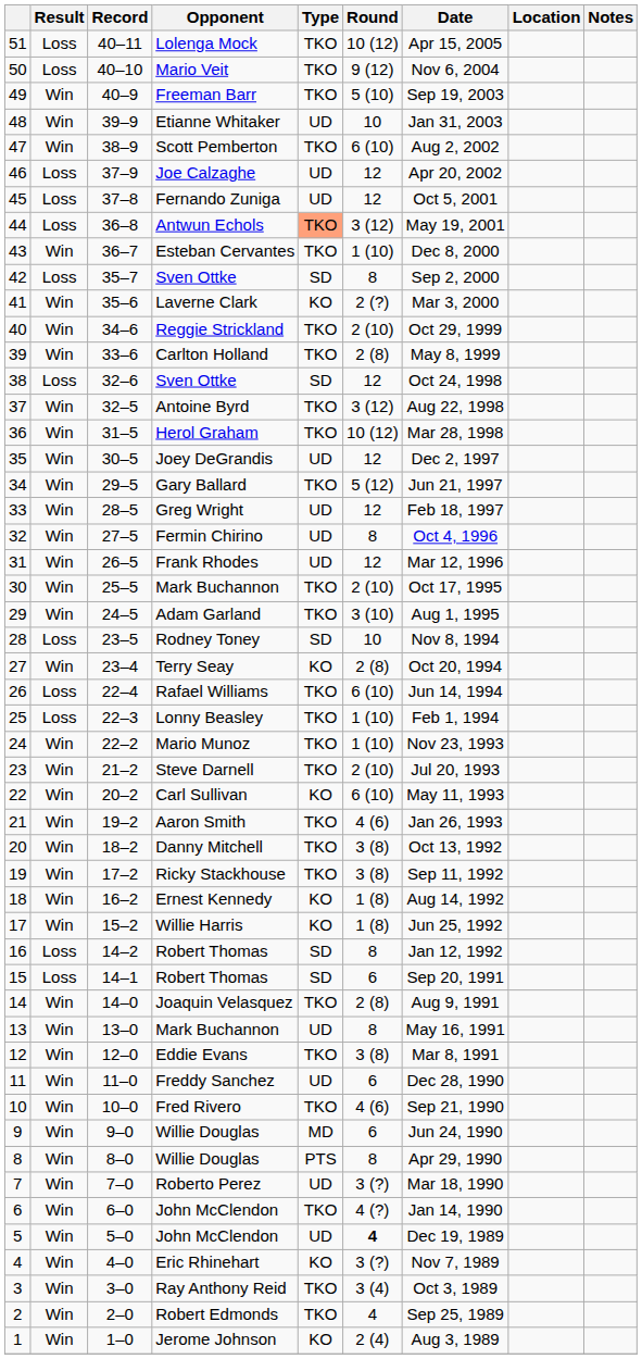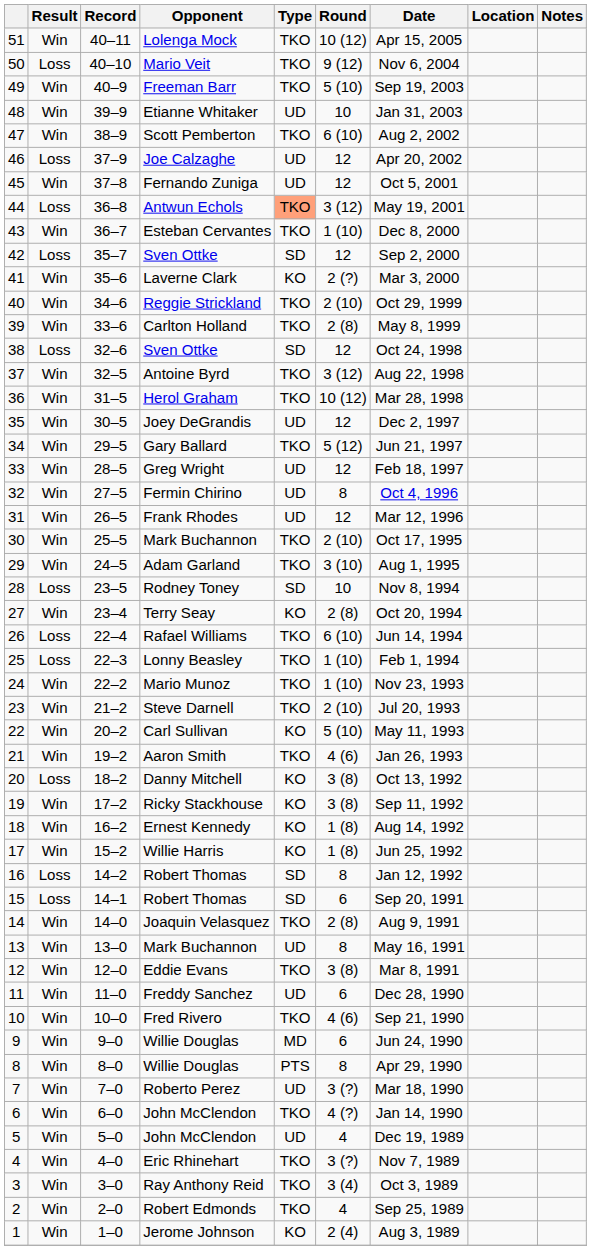 <table class="wikitable" style="text-align:center">
 <tr>
 <th></th>
 <th>Result</th>
 <th>Record</th>
 <th>Opponent</th>
 <th>Type</th>
 <th>Round</th>
 <th>Date</th>
 <th>Location</th>
 <th>Notes</th>
 </tr>
 <tr>
 <td>51</td>
-<td>Loss</td>
+<td>Win</td>
 <td>40–11</td>
 <td align=left><a href='#'>Lolenga Mock</a></td>
 <td>TKO</td>
 <td>10 (12)</td>
 <td>Apr 15, 2005</td>
 <td style="text-align:left;"></td>
 <td style="text-align:left;"></td>
 </tr>
 <tr>
 <td>50</td>
 <td>Loss</td>
 <td>40–10</td>
 <td align=left><a href='#'>Mario Veit</a></td>
 <td>TKO</td>
 <td>9 (12)</td>
 <td>Nov 6, 2004</td>
 <td style="text-align:left;"></td>
 <td style="text-align:left;"></td>
 </tr>
 <tr>
 <td>49</td>
 <td>Win</td>
 <td>40–9</td>
 <td align=left><a href='#'>Freeman Barr</a></td>
 <td>TKO</td>
 <td>5 (10)</td>
 <td>Sep 19, 2003</td>
 <td style="text-align:left;"></td>
 <td></td>
 </tr>
 <tr>
 <td>48</td>
 <td>Win</td>
 <td>39–9</td>
 <td align=left>Etianne Whitaker</td>
 <td>UD</td>
 <td>10</td>
 <td>Jan 31, 2003</td>
 <td style="text-align:left;"></td>
 <td></td>
 </tr>
 <tr>
 <td>47</td>
 <td>Win</td>
 <td>38–9</td>
 <td align=left>Scott Pemberton</td>
 <td>TKO</td>
 <td>6 (10)</td>
 <td>Aug 2, 2002</td>
 <td style="text-align:left;"></td>
 <td></td>
 </tr>
 <tr>
 <td>46</td>
 <td>Loss</td>
 <td>37–9</td>
 <td align=left><a href='#'>Joe Calzaghe</a></td>
 <td>UD</td>
 <td>12</td>
 <td>Apr 20, 2002</td>
 <td style="text-align:left;"></td>
 <td style="text-align:left;"></td>
 </tr>
 <tr>
 <td>45</td>
-<td>Loss</td>
+<td>Win</td>
 <td>37–8</td>
 <td align=left>Fernando Zuniga</td>
 <td>UD</td>
 <td>12</td>
 <td>Oct 5, 2001</td>
 <td style="text-align:left;"></td>
 <td style="text-align:left;"></td>
 </tr>
 <tr>
 <td>44</td>
 <td>Loss</td>
 <td>36–8</td>
 <td align=left><a href='#'>Antwun Echols</a></td>
 <td style="background: lightsalmon;">TKO</td>
 <td>3 (12)</td>
 <td>May 19, 2001</td>
 <td style="text-align:left;"></td>
 <td style="text-align:left;"></td>
 </tr>
 <tr>
 <td>43</td>
 <td>Win</td>
 <td>36–7</td>
 <td align=left>Esteban Cervantes</td>
 <td>TKO</td>
 <td>1 (10)</td>
 <td>Dec 8, 2000</td>
 <td style="text-align:left;"></td>
 <td></td>
 </tr>
 <tr>
 <td>42</td>
 <td>Loss</td>
 <td>35–7</td>
 <td align=left><a href='#'>Sven Ottke</a></td>
 <td>SD</td>
-<td>8</td>
+<td>12</td>
 <td>Sep 2, 2000</td>
 <td style="text-align:left;"></td>
 <td style="text-align:left;"></td>
 </tr>
 <tr>
 <td>41</td>
 <td>Win</td>
 <td>35–6</td>
 <td align=left>Laverne Clark</td>
 <td>KO</td>
 <td>2 (?)</td>
 <td>Mar 3, 2000</td>
 <td style="text-align:left;"></td>
 <td></td>
 </tr>
 <tr>
 <td>40</td>
 <td>Win</td>
 <td>34–6</td>
 <td align=left><a href='#'>Reggie Strickland</a></td>
 <td>TKO</td>
 <td>2 (10)</td>
 <td>Oct 29, 1999</td>
 <td style="text-align:left;"></td>
 <td></td>
 </tr>
 <tr>
 <td>39</td>
 <td>Win</td>
 <td>33–6</td>
 <td align=left>Carlton Holland</td>
 <td>TKO</td>
 <td>2 (8)</td>
 <td>May 8, 1999</td>
 <td style="text-align:left;"></td>
 <td></td>
 </tr>
 <tr>
 <td>38</td>
 <td>Loss</td>
 <td>32–6</td>
 <td align=left><a href='#'>Sven Ottke</a></td>
 <td>SD</td>
 <td>12</td>
 <td>Oct 24, 1998</td>
 <td style="text-align:left;"></td>
 <td style="text-align:left;"></td>
 </tr>
 <tr>
 <td>37</td>
 <td>Win</td>
 <td>32–5</td>
 <td align=left>Antoine Byrd</td>
 <td>TKO</td>
 <td>3 (12)</td>
 <td>Aug 22, 1998</td>
 <td style="text-align:left;"></td>
 <td style="text-align:left;"></td>
 </tr>
 <tr>
 <td>36</td>
 <td>Win</td>
 <td>31–5</td>
 <td align=left><a href='#'>Herol Graham</a></td>
 <td>TKO</td>
 <td>10 (12)</td>
 <td>Mar 28, 1998</td>
 <td style="text-align:left;"></td>
 <td style="text-align:left;"></td>
 </tr>
 <tr>
 <td>35</td>
 <td>Win</td>
 <td>30–5</td>
 <td align=left>Joey DeGrandis</td>
 <td>UD</td>
 <td>12</td>
 <td>Dec 2, 1997</td>
 <td style="text-align:left;"></td>
 <td style="text-align:left;"></td>
 </tr>
 <tr>
 <td>34</td>
 <td>Win</td>
 <td>29–5</td>
 <td align=left>Gary Ballard</td>
 <td>TKO</td>
 <td>5 (12)</td>
 <td>Jun 21, 1997</td>
 <td style="text-align:left;"></td>
 <td style="text-align:left;"></td>
 </tr>
 <tr>
 <td>33</td>
 <td>Win</td>
 <td>28–5</td>
 <td align=left>Greg Wright</td>
 <td>UD</td>
 <td>12</td>
 <td>Feb 18, 1997</td>
 <td style="text-align:left;"></td>
 <td style="text-align:left;"></td>
 </tr>
 <tr>
 <td>32</td>
 <td>Win</td>
 <td>27–5</td>
 <td align=left>Fermin Chirino</td>
 <td>UD</td>
 <td>8</td>
 <td><a href='#'>Oct 4, 1996</a></td>
 <td style="text-align:left;"></td>
 <td></td>
 </tr>
 <tr>
 <td>31</td>
 <td>Win</td>
 <td>26–5</td>
 <td align=left>Frank Rhodes</td>
 <td>UD</td>
 <td>12</td>
 <td>Mar 12, 1996</td>
 <td style="text-align:left;"></td>
 <td style="text-align:left;"></td>
 </tr>
 <tr>
 <td>30</td>
 <td>Win</td>
 <td>25–5</td>
 <td align=left>Mark Buchannon</td>
 <td>TKO</td>
 <td>2 (10)</td>
 <td>Oct 17, 1995</td>
 <td style="text-align:left;"></td>
 <td></td>
 </tr>
 <tr>
 <td>29</td>
 <td>Win</td>
 <td>24–5</td>
 <td align=left>Adam Garland</td>
 <td>TKO</td>
 <td>3 (10)</td>
 <td>Aug 1, 1995</td>
 <td style="text-align:left;"></td>
 <td></td>
 </tr>
 <tr>
 <td>28</td>
 <td>Loss</td>
 <td>23–5</td>
 <td align=left>Rodney Toney</td>
 <td>SD</td>
 <td>10</td>
 <td>Nov 8, 1994</td>
 <td style="text-align:left;"></td>
 <td></td>
 </tr>
 <tr>
 <td>27</td>
 <td>Win</td>
 <td>23–4</td>
 <td align=left>Terry Seay</td>
 <td>KO</td>
 <td>2 (8)</td>
 <td>Oct 20, 1994</td>
 <td style="text-align:left;"></td>
 <td></td>
 </tr>
 <tr>
 <td>26</td>
 <td>Loss</td>
 <td>22–4</td>
 <td align=left>Rafael Williams</td>
 <td>TKO</td>
 <td>6 (10)</td>
 <td>Jun 14, 1994</td>
 <td style="text-align:left;"></td>
 <td></td>
 </tr>
 <tr>
 <td>25</td>
 <td>Loss</td>
 <td>22–3</td>
 <td align=left>Lonny Beasley</td>
 <td>TKO</td>
 <td>1 (10)</td>
 <td>Feb 1, 1994</td>
 <td style="text-align:left;"></td>
 <td></td>
 </tr>
 <tr>
 <td>24</td>
 <td>Win</td>
 <td>22–2</td>
 <td align=left>Mario Munoz</td>
 <td>TKO</td>
 <td>1 (10)</td>
 <td>Nov 23, 1993</td>
 <td style="text-align:left;"></td>
 <td></td>
 </tr>
 <tr>
 <td>23</td>
 <td>Win</td>
 <td>21–2</td>
 <td align=left>Steve Darnell</td>
 <td>TKO</td>
 <td>2 (10)</td>
 <td>Jul 20, 1993</td>
 <td style="text-align:left;"></td>
 <td></td>
 </tr>
 <tr>
 <td>22</td>
 <td>Win</td>
 <td>20–2</td>
 <td align=left>Carl Sullivan</td>
 <td>KO</td>
-<td>6 (10)</td>
+<td>5 (10)</td>
 <td>May 11, 1993</td>
 <td style="text-align:left;"></td>
 <td></td>
 </tr>
 <tr>
 <td>21</td>
 <td>Win</td>
 <td>19–2</td>
 <td align=left>Aaron Smith</td>
 <td>TKO</td>
 <td>4 (6)</td>
 <td>Jan 26, 1993</td>
 <td style="text-align:left;"></td>
 <td></td>
 </tr>
 <tr>
 <td>20</td>
-<td>Win</td>
+<td>Loss</td>
 <td>18–2</td>
 <td align=left>Danny Mitchell</td>
-<td>TKO</td>
+<td>KO</td>
 <td>3 (8)</td>
 <td>Oct 13, 1992</td>
 <td style="text-align:left;"></td>
 <td></td>
 </tr>
 <tr>
 <td>19</td>
 <td>Win</td>
 <td>17–2</td>
 <td align=left>Ricky Stackhouse</td>
-<td>TKO</td>
+<td>KO</td>
 <td>3 (8)</td>
 <td>Sep 11, 1992</td>
 <td style="text-align:left;"></td>
 <td></td>
 </tr>
 <tr>
 <td>18</td>
 <td>Win</td>
 <td>16–2</td>
 <td align=left>Ernest Kennedy</td>
 <td>KO</td>
 <td>1 (8)</td>
 <td>Aug 14, 1992</td>
 <td style="text-align:left;"></td>
 <td></td>
 </tr>
 <tr>
 <td>17</td>
 <td>Win</td>
 <td>15–2</td>
 <td align=left>Willie Harris</td>
 <td>KO</td>
 <td>1 (8)</td>
 <td>Jun 25, 1992</td>
 <td style="text-align:left;"></td>
 <td></td>
 </tr>
 <tr>
 <td>16</td>
 <td>Loss</td>
 <td>14–2</td>
 <td align=left>Robert Thomas</td>
 <td>SD</td>
 <td>8</td>
 <td>Jan 12, 1992</td>
 <td style="text-align:left;"></td>
 <td></td>
 </tr>
 <tr>
 <td>15</td>
 <td>Loss</td>
 <td>14–1</td>
 <td align=left>Robert Thomas</td>
 <td>SD</td>
 <td>6</td>
 <td>Sep 20, 1991</td>
 <td style="text-align:left;"></td>
 <td></td>
 </tr>
 <tr>
 <td>14</td>
 <td>Win</td>
 <td>14–0</td>
 <td align=left>Joaquin Velasquez</td>
 <td>TKO</td>
 <td>2 (8)</td>
 <td>Aug 9, 1991</td>
 <td style="text-align:left;"></td>
 <td></td>
 </tr>
 <tr>
 <td>13</td>
 <td>Win</td>
 <td>13–0</td>
 <td align=left>Mark Buchannon</td>
 <td>UD</td>
 <td>8</td>
 <td>May 16, 1991</td>
 <td style="text-align:left;"></td>
 <td></td>
 </tr>
 <tr>
 <td>12</td>
 <td>Win</td>
 <td>12–0</td>
 <td align=left>Eddie Evans</td>
 <td>TKO</td>
 <td>3 (8)</td>
 <td>Mar 8, 1991</td>
 <td style="text-align:left;"></td>
 <td></td>
 </tr>
 <tr>
 <td>11</td>
 <td>Win</td>
 <td>11–0</td>
 <td align=left>Freddy Sanchez</td>
 <td>UD</td>
 <td>6</td>
 <td>Dec 28, 1990</td>
 <td style="text-align:left;"></td>
 <td></td>
 </tr>
 <tr>
 <td>10</td>
 <td>Win</td>
 <td>10–0</td>
 <td align=left>Fred Rivero</td>
 <td>TKO</td>
 <td>4 (6)</td>
 <td>Sep 21, 1990</td>
 <td style="text-align:left;"></td>
 <td></td>
 </tr>
 <tr>
 <td>9</td>
 <td>Win</td>
 <td>9–0</td>
 <td align=left>Willie Douglas</td>
 <td>MD</td>
 <td>6</td>
 <td>Jun 24, 1990</td>
 <td style="text-align:left;"></td>
 <td></td>
 </tr>
 <tr>
 <td>8</td>
 <td>Win</td>
 <td>8–0</td>
 <td align=left>Willie Douglas</td>
 <td>PTS</td>
 <td>8</td>
 <td>Apr 29, 1990</td>
 <td style="text-align:left;"></td>
 <td></td>
 </tr>
 <tr>
 <td>7</td>
 <td>Win</td>
 <td>7–0</td>
 <td align=left>Roberto Perez</td>
 <td>UD</td>
 <td>3 (?)</td>
 <td>Mar 18, 1990</td>
 <td style="text-align:left;"></td>
 <td></td>
 </tr>
 <tr>
 <td>6</td>
 <td>Win</td>
 <td>6–0</td>
 <td align=left>John McClendon</td>
 <td>TKO</td>
 <td>4 (?)</td>
 <td>Jan 14, 1990</td>
 <td style="text-align:left;"></td>
 <td></td>
 </tr>
 <tr>
 <td>5</td>
 <td>Win</td>
 <td>5–0</td>
 <td align=left>John McClendon</td>
 <td>UD</td>
-<td><strong>4</strong></td>
+<td>4</td>
 <td>Dec 19, 1989</td>
 <td style="text-align:left;"></td>
 <td></td>
 </tr>
 <tr>
 <td>4</td>
 <td>Win</td>
 <td>4–0</td>
 <td align=left>Eric Rhinehart</td>
-<td>KO</td>
+<td>TKO</td>
 <td>3 (?)</td>
 <td>Nov 7, 1989</td>
 <td style="text-align:left;"></td>
 <td></td>
 </tr>
 <tr>
 <td>3</td>
 <td>Win</td>
 <td>3–0</td>
 <td align=left>Ray Anthony Reid</td>
 <td>TKO</td>
 <td>3 (4)</td>
 <td>Oct 3, 1989</td>
 <td style="text-align:left;"></td>
 <td></td>
 </tr>
 <tr>
 <td>2</td>
 <td>Win</td>
 <td>2–0</td>
 <td align=left>Robert Edmonds</td>
 <td>TKO</td>
 <td>4</td>
 <td>Sep 25, 1989</td>
 <td style="text-align:left;"></td>
 <td></td>
 </tr>
 <tr>
 <td>1</td>
 <td>Win</td>
 <td>1–0</td>
 <td align=left>Jerome Johnson</td>
 <td>KO</td>
 <td>2 (4)</td>
 <td>Aug 3, 1989</td>
 <td style="text-align:left;"></td>
 <td></td>
 </tr>
 <tr>
 </tr>
 </table>
